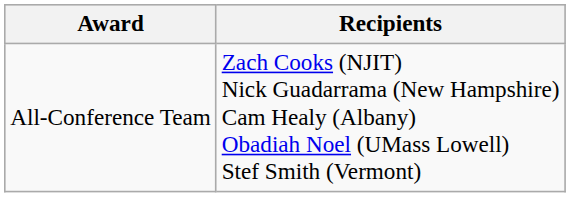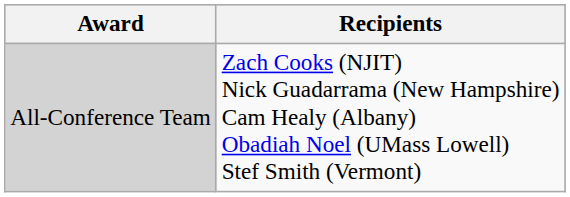 <table class="wikitable" style="white-space:nowrap; font-size:90%;">
 <tr>
 <th>Award</th>
 <th>Recipients</th>
 </tr>
 <tr>
-<td>All-Conference Team</td>
+<td style="background: lightgrey;">All-Conference Team</td>
 <td><a href='#'>Zach Cooks</a> (NJIT)<br> Nick Guadarrama (New Hampshire)<br> Cam Healy (Albany)<br> <a href='#'>Obadiah Noel</a> (UMass Lowell)<br> Stef Smith (Vermont)</td>
 </tr>
 </table>
